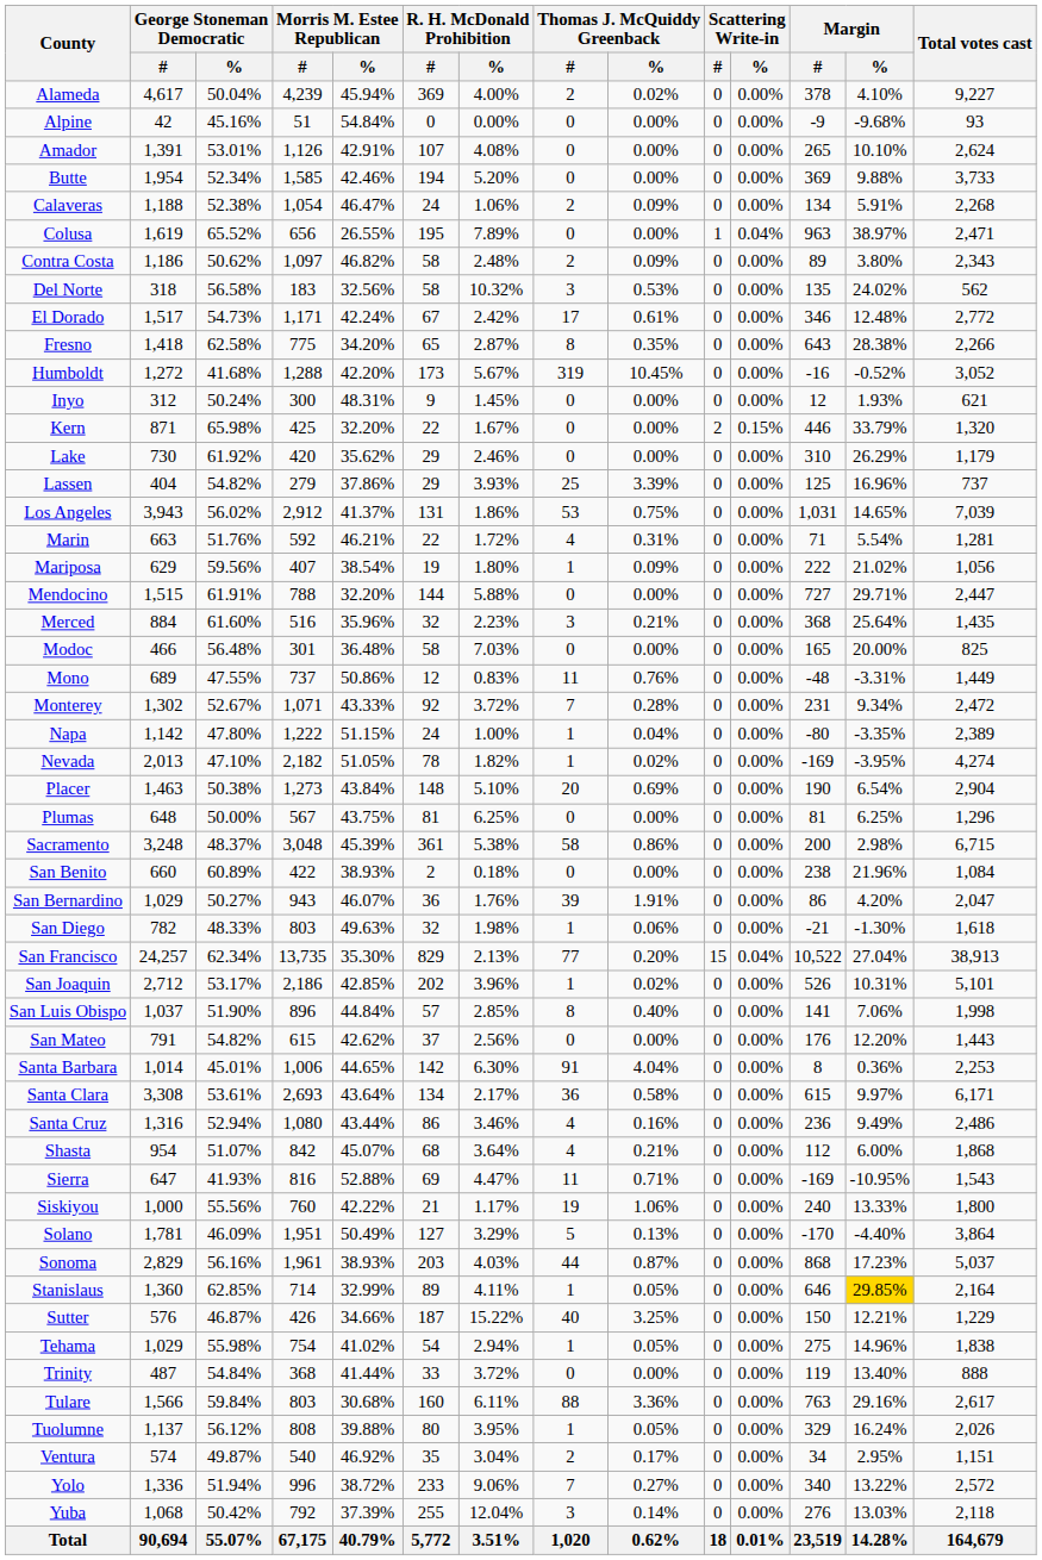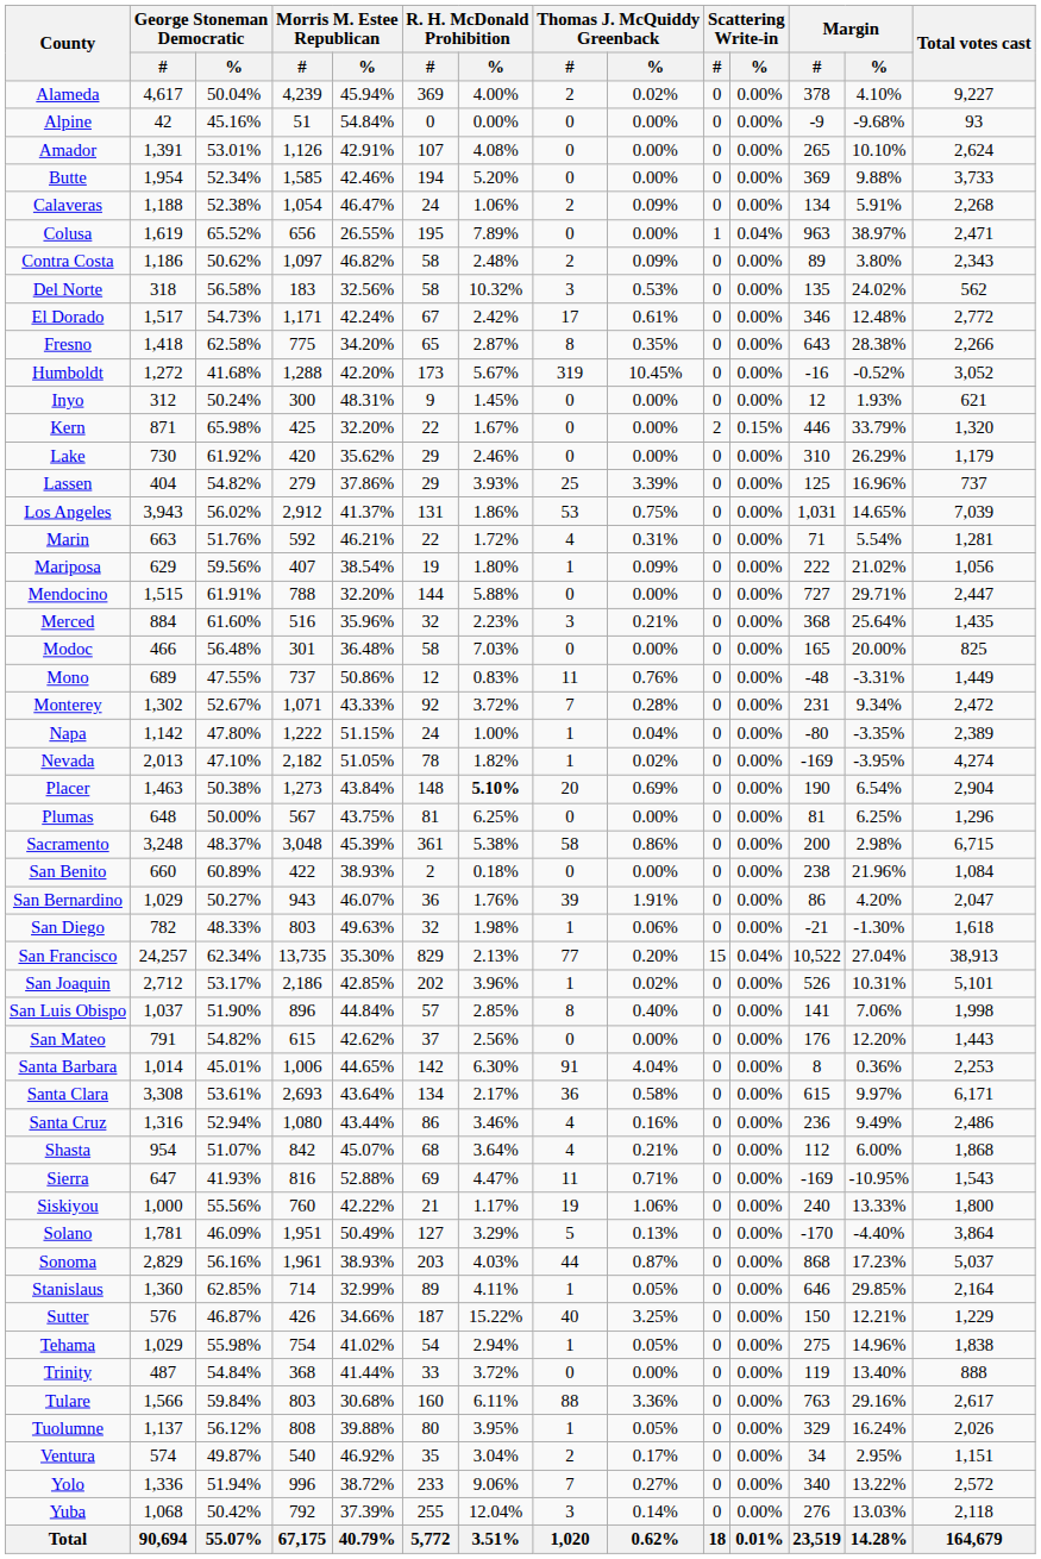 <table class="wikitable sortable" style="text-align:center">
 <tr>
 <th rowspan="2">County</th>
 <th style="text-align:center;" colspan="2">George Stoneman<br>Democratic</th>
 <th style="text-align:center;" colspan="2">Morris M. Estee<br>Republican</th>
 <th style="text-align:center;" colspan="2">R. H. McDonald<br>Prohibition</th>
 <th style="text-align:center;" colspan="2">Thomas J. McQuiddy<br>Greenback</th>
 <th style="text-align:center;" colspan="2">Scattering<br>Write-in</th>
 <th style="text-align:center;" colspan="2">Margin</th>
 <th style="text-align:center;" rowspan="2">Total votes cast</th>
 </tr>
 <tr>
 <th style="text-align:center;" data-sort-type="number">#</th>
 <th style="text-align:center;" data-sort-type="number">%</th>
 <th style="text-align:center;" data-sort-type="number">#</th>
 <th style="text-align:center;" data-sort-type="number">%</th>
 <th style="text-align:center;" data-sort-type="number">#</th>
 <th style="text-align:center;" data-sort-type="number">%</th>
 <th style="text-align:center;" data-sort-type="number">#</th>
 <th style="text-align:center;" data-sort-type="number">%</th>
 <th style="text-align:center;" data-sort-type="number">#</th>
 <th style="text-align:center;" data-sort-type="number">%</th>
 <th style="text-align:center;" data-sort-type="number">#</th>
 <th style="text-align:center;" data-sort-type="number">%</th>
 </tr>
 <tr style="text-align:center;">
 <td><a href='#'>Alameda</a></td>
 <td>4,617</td>
 <td>50.04%</td>
 <td>4,239</td>
 <td>45.94%</td>
 <td>369</td>
 <td>4.00%</td>
 <td>2</td>
 <td>0.02%</td>
 <td>0</td>
 <td>0.00%</td>
 <td>378</td>
 <td>4.10%</td>
 <td>9,227</td>
 </tr>
 <tr style="text-align:center;">
 <td><a href='#'>Alpine</a></td>
 <td>42</td>
 <td>45.16%</td>
 <td>51</td>
 <td>54.84%</td>
 <td>0</td>
 <td>0.00%</td>
 <td>0</td>
 <td>0.00%</td>
 <td>0</td>
 <td>0.00%</td>
 <td>-9</td>
 <td>-9.68%</td>
 <td>93</td>
 </tr>
 <tr style="text-align:center;">
 <td><a href='#'>Amador</a></td>
 <td>1,391</td>
 <td>53.01%</td>
 <td>1,126</td>
 <td>42.91%</td>
 <td>107</td>
 <td>4.08%</td>
 <td>0</td>
 <td>0.00%</td>
 <td>0</td>
 <td>0.00%</td>
 <td>265</td>
 <td>10.10%</td>
 <td>2,624</td>
 </tr>
 <tr style="text-align:center;">
 <td><a href='#'>Butte</a></td>
 <td>1,954</td>
 <td>52.34%</td>
 <td>1,585</td>
 <td>42.46%</td>
 <td>194</td>
 <td>5.20%</td>
 <td>0</td>
 <td>0.00%</td>
 <td>0</td>
 <td>0.00%</td>
 <td>369</td>
 <td>9.88%</td>
 <td>3,733</td>
 </tr>
 <tr style="text-align:center;">
 <td><a href='#'>Calaveras</a></td>
 <td>1,188</td>
 <td>52.38%</td>
 <td>1,054</td>
 <td>46.47%</td>
 <td>24</td>
 <td>1.06%</td>
 <td>2</td>
 <td>0.09%</td>
 <td>0</td>
 <td>0.00%</td>
 <td>134</td>
 <td>5.91%</td>
 <td>2,268</td>
 </tr>
 <tr style="text-align:center;">
 <td><a href='#'>Colusa</a></td>
 <td>1,619</td>
 <td>65.52%</td>
 <td>656</td>
 <td>26.55%</td>
 <td>195</td>
 <td>7.89%</td>
 <td>0</td>
 <td>0.00%</td>
 <td>1</td>
 <td>0.04%</td>
 <td>963</td>
 <td>38.97%</td>
 <td>2,471</td>
 </tr>
 <tr style="text-align:center;">
 <td><a href='#'>Contra Costa</a></td>
 <td>1,186</td>
 <td>50.62%</td>
 <td>1,097</td>
 <td>46.82%</td>
 <td>58</td>
 <td>2.48%</td>
 <td>2</td>
 <td>0.09%</td>
 <td>0</td>
 <td>0.00%</td>
 <td>89</td>
 <td>3.80%</td>
 <td>2,343</td>
 </tr>
 <tr style="text-align:center;">
 <td><a href='#'>Del Norte</a></td>
 <td>318</td>
 <td>56.58%</td>
 <td>183</td>
 <td>32.56%</td>
 <td>58</td>
 <td>10.32%</td>
 <td>3</td>
 <td>0.53%</td>
 <td>0</td>
 <td>0.00%</td>
 <td>135</td>
 <td>24.02%</td>
 <td>562</td>
 </tr>
 <tr style="text-align:center;">
 <td><a href='#'>El Dorado</a></td>
 <td>1,517</td>
 <td>54.73%</td>
 <td>1,171</td>
 <td>42.24%</td>
 <td>67</td>
 <td>2.42%</td>
 <td>17</td>
 <td>0.61%</td>
 <td>0</td>
 <td>0.00%</td>
 <td>346</td>
 <td>12.48%</td>
 <td>2,772</td>
 </tr>
 <tr style="text-align:center;">
 <td><a href='#'>Fresno</a></td>
 <td>1,418</td>
 <td>62.58%</td>
 <td>775</td>
 <td>34.20%</td>
 <td>65</td>
 <td>2.87%</td>
 <td>8</td>
 <td>0.35%</td>
 <td>0</td>
 <td>0.00%</td>
 <td>643</td>
 <td>28.38%</td>
 <td>2,266</td>
 </tr>
 <tr style="text-align:center;">
 <td><a href='#'>Humboldt</a></td>
 <td>1,272</td>
 <td>41.68%</td>
 <td>1,288</td>
 <td>42.20%</td>
 <td>173</td>
 <td>5.67%</td>
 <td>319</td>
 <td>10.45%</td>
 <td>0</td>
 <td>0.00%</td>
 <td>-16</td>
 <td>-0.52%</td>
 <td>3,052</td>
 </tr>
 <tr style="text-align:center;">
 <td><a href='#'>Inyo</a></td>
 <td>312</td>
 <td>50.24%</td>
 <td>300</td>
 <td>48.31%</td>
 <td>9</td>
 <td>1.45%</td>
 <td>0</td>
 <td>0.00%</td>
 <td>0</td>
 <td>0.00%</td>
 <td>12</td>
 <td>1.93%</td>
 <td>621</td>
 </tr>
 <tr style="text-align:center;">
 <td><a href='#'>Kern</a></td>
 <td>871</td>
 <td>65.98%</td>
 <td>425</td>
 <td>32.20%</td>
 <td>22</td>
 <td>1.67%</td>
 <td>0</td>
 <td>0.00%</td>
 <td>2</td>
 <td>0.15%</td>
 <td>446</td>
 <td>33.79%</td>
 <td>1,320</td>
 </tr>
 <tr style="text-align:center;">
 <td><a href='#'>Lake</a></td>
 <td>730</td>
 <td>61.92%</td>
 <td>420</td>
 <td>35.62%</td>
 <td>29</td>
 <td>2.46%</td>
 <td>0</td>
 <td>0.00%</td>
 <td>0</td>
 <td>0.00%</td>
 <td>310</td>
 <td>26.29%</td>
 <td>1,179</td>
 </tr>
 <tr style="text-align:center;">
 <td><a href='#'>Lassen</a></td>
 <td>404</td>
 <td>54.82%</td>
 <td>279</td>
 <td>37.86%</td>
 <td>29</td>
 <td>3.93%</td>
 <td>25</td>
 <td>3.39%</td>
 <td>0</td>
 <td>0.00%</td>
 <td>125</td>
 <td>16.96%</td>
 <td>737</td>
 </tr>
 <tr style="text-align:center;">
 <td><a href='#'>Los Angeles</a></td>
 <td>3,943</td>
 <td>56.02%</td>
 <td>2,912</td>
 <td>41.37%</td>
 <td>131</td>
 <td>1.86%</td>
 <td>53</td>
 <td>0.75%</td>
 <td>0</td>
 <td>0.00%</td>
 <td>1,031</td>
 <td>14.65%</td>
 <td>7,039</td>
 </tr>
 <tr style="text-align:center;">
 <td><a href='#'>Marin</a></td>
 <td>663</td>
 <td>51.76%</td>
 <td>592</td>
 <td>46.21%</td>
 <td>22</td>
 <td>1.72%</td>
 <td>4</td>
 <td>0.31%</td>
 <td>0</td>
 <td>0.00%</td>
 <td>71</td>
 <td>5.54%</td>
 <td>1,281</td>
 </tr>
 <tr style="text-align:center;">
 <td><a href='#'>Mariposa</a></td>
 <td>629</td>
 <td>59.56%</td>
 <td>407</td>
 <td>38.54%</td>
 <td>19</td>
 <td>1.80%</td>
 <td>1</td>
 <td>0.09%</td>
 <td>0</td>
 <td>0.00%</td>
 <td>222</td>
 <td>21.02%</td>
 <td>1,056</td>
 </tr>
 <tr style="text-align:center;">
 <td><a href='#'>Mendocino</a></td>
 <td>1,515</td>
 <td>61.91%</td>
 <td>788</td>
 <td>32.20%</td>
 <td>144</td>
 <td>5.88%</td>
 <td>0</td>
 <td>0.00%</td>
 <td>0</td>
 <td>0.00%</td>
 <td>727</td>
 <td>29.71%</td>
 <td>2,447</td>
 </tr>
 <tr style="text-align:center;">
 <td><a href='#'>Merced</a></td>
 <td>884</td>
 <td>61.60%</td>
 <td>516</td>
 <td>35.96%</td>
 <td>32</td>
 <td>2.23%</td>
 <td>3</td>
 <td>0.21%</td>
 <td>0</td>
 <td>0.00%</td>
 <td>368</td>
 <td>25.64%</td>
 <td>1,435</td>
 </tr>
 <tr style="text-align:center;">
 <td><a href='#'>Modoc</a></td>
 <td>466</td>
 <td>56.48%</td>
 <td>301</td>
 <td>36.48%</td>
 <td>58</td>
 <td>7.03%</td>
 <td>0</td>
 <td>0.00%</td>
 <td>0</td>
 <td>0.00%</td>
 <td>165</td>
 <td>20.00%</td>
 <td>825</td>
 </tr>
 <tr style="text-align:center;">
 <td><a href='#'>Mono</a></td>
 <td>689</td>
 <td>47.55%</td>
 <td>737</td>
 <td>50.86%</td>
 <td>12</td>
 <td>0.83%</td>
 <td>11</td>
 <td>0.76%</td>
 <td>0</td>
 <td>0.00%</td>
 <td>-48</td>
 <td>-3.31%</td>
 <td>1,449</td>
 </tr>
 <tr style="text-align:center;">
 <td><a href='#'>Monterey</a></td>
 <td>1,302</td>
 <td>52.67%</td>
 <td>1,071</td>
 <td>43.33%</td>
 <td>92</td>
 <td>3.72%</td>
 <td>7</td>
 <td>0.28%</td>
 <td>0</td>
 <td>0.00%</td>
 <td>231</td>
 <td>9.34%</td>
 <td>2,472</td>
 </tr>
 <tr style="text-align:center;">
 <td><a href='#'>Napa</a></td>
 <td>1,142</td>
 <td>47.80%</td>
 <td>1,222</td>
 <td>51.15%</td>
 <td>24</td>
 <td>1.00%</td>
 <td>1</td>
 <td>0.04%</td>
 <td>0</td>
 <td>0.00%</td>
 <td>-80</td>
 <td>-3.35%</td>
 <td>2,389</td>
 </tr>
 <tr style="text-align:center;">
 <td><a href='#'>Nevada</a></td>
 <td>2,013</td>
 <td>47.10%</td>
 <td>2,182</td>
 <td>51.05%</td>
 <td>78</td>
 <td>1.82%</td>
 <td>1</td>
 <td>0.02%</td>
 <td>0</td>
 <td>0.00%</td>
 <td>-169</td>
 <td>-3.95%</td>
 <td>4,274</td>
 </tr>
 <tr style="text-align:center;">
 <td><a href='#'>Placer</a></td>
 <td>1,463</td>
 <td>50.38%</td>
 <td>1,273</td>
 <td>43.84%</td>
 <td>148</td>
-<td>5.10%</td>
+<td><strong>5.10%</strong></td>
 <td>20</td>
 <td>0.69%</td>
 <td>0</td>
 <td>0.00%</td>
 <td>190</td>
 <td>6.54%</td>
 <td>2,904</td>
 </tr>
 <tr style="text-align:center;">
 <td><a href='#'>Plumas</a></td>
 <td>648</td>
 <td>50.00%</td>
 <td>567</td>
 <td>43.75%</td>
 <td>81</td>
 <td>6.25%</td>
 <td>0</td>
 <td>0.00%</td>
 <td>0</td>
 <td>0.00%</td>
 <td>81</td>
 <td>6.25%</td>
 <td>1,296</td>
 </tr>
 <tr style="text-align:center;">
 <td><a href='#'>Sacramento</a></td>
 <td>3,248</td>
 <td>48.37%</td>
 <td>3,048</td>
 <td>45.39%</td>
 <td>361</td>
 <td>5.38%</td>
 <td>58</td>
 <td>0.86%</td>
 <td>0</td>
 <td>0.00%</td>
 <td>200</td>
 <td>2.98%</td>
 <td>6,715</td>
 </tr>
 <tr style="text-align:center;">
 <td><a href='#'>San Benito</a></td>
 <td>660</td>
 <td>60.89%</td>
 <td>422</td>
 <td>38.93%</td>
 <td>2</td>
 <td>0.18%</td>
 <td>0</td>
 <td>0.00%</td>
 <td>0</td>
 <td>0.00%</td>
 <td>238</td>
 <td>21.96%</td>
 <td>1,084</td>
 </tr>
 <tr style="text-align:center;">
 <td><a href='#'>San Bernardino</a></td>
 <td>1,029</td>
 <td>50.27%</td>
 <td>943</td>
 <td>46.07%</td>
 <td>36</td>
 <td>1.76%</td>
 <td>39</td>
 <td>1.91%</td>
 <td>0</td>
 <td>0.00%</td>
 <td>86</td>
 <td>4.20%</td>
 <td>2,047</td>
 </tr>
 <tr style="text-align:center;">
 <td><a href='#'>San Diego</a></td>
 <td>782</td>
 <td>48.33%</td>
 <td>803</td>
 <td>49.63%</td>
 <td>32</td>
 <td>1.98%</td>
 <td>1</td>
 <td>0.06%</td>
 <td>0</td>
 <td>0.00%</td>
 <td>-21</td>
 <td>-1.30%</td>
 <td>1,618</td>
 </tr>
 <tr style="text-align:center;">
 <td><a href='#'>San Francisco</a></td>
 <td>24,257</td>
 <td>62.34%</td>
 <td>13,735</td>
 <td>35.30%</td>
 <td>829</td>
 <td>2.13%</td>
 <td>77</td>
 <td>0.20%</td>
 <td>15</td>
 <td>0.04%</td>
 <td>10,522</td>
 <td>27.04%</td>
 <td>38,913</td>
 </tr>
 <tr style="text-align:center;">
 <td><a href='#'>San Joaquin</a></td>
 <td>2,712</td>
 <td>53.17%</td>
 <td>2,186</td>
 <td>42.85%</td>
 <td>202</td>
 <td>3.96%</td>
 <td>1</td>
 <td>0.02%</td>
 <td>0</td>
 <td>0.00%</td>
 <td>526</td>
 <td>10.31%</td>
 <td>5,101</td>
 </tr>
 <tr style="text-align:center;">
 <td><a href='#'>San Luis Obispo</a></td>
 <td>1,037</td>
 <td>51.90%</td>
 <td>896</td>
 <td>44.84%</td>
 <td>57</td>
 <td>2.85%</td>
 <td>8</td>
 <td>0.40%</td>
 <td>0</td>
 <td>0.00%</td>
 <td>141</td>
 <td>7.06%</td>
 <td>1,998</td>
 </tr>
 <tr style="text-align:center;">
 <td><a href='#'>San Mateo</a></td>
 <td>791</td>
 <td>54.82%</td>
 <td>615</td>
 <td>42.62%</td>
 <td>37</td>
 <td>2.56%</td>
 <td>0</td>
 <td>0.00%</td>
 <td>0</td>
 <td>0.00%</td>
 <td>176</td>
 <td>12.20%</td>
 <td>1,443</td>
 </tr>
 <tr style="text-align:center;">
 <td><a href='#'>Santa Barbara</a></td>
 <td>1,014</td>
 <td>45.01%</td>
 <td>1,006</td>
 <td>44.65%</td>
 <td>142</td>
 <td>6.30%</td>
 <td>91</td>
 <td>4.04%</td>
 <td>0</td>
 <td>0.00%</td>
 <td>8</td>
 <td>0.36%</td>
 <td>2,253</td>
 </tr>
 <tr style="text-align:center;">
 <td><a href='#'>Santa Clara</a></td>
 <td>3,308</td>
 <td>53.61%</td>
 <td>2,693</td>
 <td>43.64%</td>
 <td>134</td>
 <td>2.17%</td>
 <td>36</td>
 <td>0.58%</td>
 <td>0</td>
 <td>0.00%</td>
 <td>615</td>
 <td>9.97%</td>
 <td>6,171</td>
 </tr>
 <tr style="text-align:center;">
 <td><a href='#'>Santa Cruz</a></td>
 <td>1,316</td>
 <td>52.94%</td>
 <td>1,080</td>
 <td>43.44%</td>
 <td>86</td>
 <td>3.46%</td>
 <td>4</td>
 <td>0.16%</td>
 <td>0</td>
 <td>0.00%</td>
 <td>236</td>
 <td>9.49%</td>
 <td>2,486</td>
 </tr>
 <tr style="text-align:center;">
 <td><a href='#'>Shasta</a></td>
 <td>954</td>
 <td>51.07%</td>
 <td>842</td>
 <td>45.07%</td>
 <td>68</td>
 <td>3.64%</td>
 <td>4</td>
 <td>0.21%</td>
 <td>0</td>
 <td>0.00%</td>
 <td>112</td>
 <td>6.00%</td>
 <td>1,868</td>
 </tr>
 <tr style="text-align:center;">
 <td><a href='#'>Sierra</a></td>
 <td>647</td>
 <td>41.93%</td>
 <td>816</td>
 <td>52.88%</td>
 <td>69</td>
 <td>4.47%</td>
 <td>11</td>
 <td>0.71%</td>
 <td>0</td>
 <td>0.00%</td>
 <td>-169</td>
 <td>-10.95%</td>
 <td>1,543</td>
 </tr>
 <tr style="text-align:center;">
 <td><a href='#'>Siskiyou</a></td>
 <td>1,000</td>
 <td>55.56%</td>
 <td>760</td>
 <td>42.22%</td>
 <td>21</td>
 <td>1.17%</td>
 <td>19</td>
 <td>1.06%</td>
 <td>0</td>
 <td>0.00%</td>
 <td>240</td>
 <td>13.33%</td>
 <td>1,800</td>
 </tr>
 <tr style="text-align:center;">
 <td><a href='#'>Solano</a></td>
 <td>1,781</td>
 <td>46.09%</td>
 <td>1,951</td>
 <td>50.49%</td>
 <td>127</td>
 <td>3.29%</td>
 <td>5</td>
 <td>0.13%</td>
 <td>0</td>
 <td>0.00%</td>
 <td>-170</td>
 <td>-4.40%</td>
 <td>3,864</td>
 </tr>
 <tr style="text-align:center;">
 <td><a href='#'>Sonoma</a></td>
 <td>2,829</td>
 <td>56.16%</td>
 <td>1,961</td>
 <td>38.93%</td>
 <td>203</td>
 <td>4.03%</td>
 <td>44</td>
 <td>0.87%</td>
 <td>0</td>
 <td>0.00%</td>
 <td>868</td>
 <td>17.23%</td>
 <td>5,037</td>
 </tr>
 <tr style="text-align:center;">
 <td><a href='#'>Stanislaus</a></td>
 <td>1,360</td>
 <td>62.85%</td>
 <td>714</td>
 <td>32.99%</td>
 <td>89</td>
 <td>4.11%</td>
 <td>1</td>
 <td>0.05%</td>
 <td>0</td>
 <td>0.00%</td>
 <td>646</td>
-<td style="background: gold;">29.85%</td>
+<td>29.85%</td>
 <td>2,164</td>
 </tr>
 <tr style="text-align:center;">
 <td><a href='#'>Sutter</a></td>
 <td>576</td>
 <td>46.87%</td>
 <td>426</td>
 <td>34.66%</td>
 <td>187</td>
 <td>15.22%</td>
 <td>40</td>
 <td>3.25%</td>
 <td>0</td>
 <td>0.00%</td>
 <td>150</td>
 <td>12.21%</td>
 <td>1,229</td>
 </tr>
 <tr style="text-align:center;">
 <td><a href='#'>Tehama</a></td>
 <td>1,029</td>
 <td>55.98%</td>
 <td>754</td>
 <td>41.02%</td>
 <td>54</td>
 <td>2.94%</td>
 <td>1</td>
 <td>0.05%</td>
 <td>0</td>
 <td>0.00%</td>
 <td>275</td>
 <td>14.96%</td>
 <td>1,838</td>
 </tr>
 <tr style="text-align:center;">
 <td><a href='#'>Trinity</a></td>
 <td>487</td>
 <td>54.84%</td>
 <td>368</td>
 <td>41.44%</td>
 <td>33</td>
 <td>3.72%</td>
 <td>0</td>
 <td>0.00%</td>
 <td>0</td>
 <td>0.00%</td>
 <td>119</td>
 <td>13.40%</td>
 <td>888</td>
 </tr>
 <tr style="text-align:center;">
 <td><a href='#'>Tulare</a></td>
 <td>1,566</td>
 <td>59.84%</td>
 <td>803</td>
 <td>30.68%</td>
 <td>160</td>
 <td>6.11%</td>
 <td>88</td>
 <td>3.36%</td>
 <td>0</td>
 <td>0.00%</td>
 <td>763</td>
 <td>29.16%</td>
 <td>2,617</td>
 </tr>
 <tr style="text-align:center;">
 <td><a href='#'>Tuolumne</a></td>
 <td>1,137</td>
 <td>56.12%</td>
 <td>808</td>
 <td>39.88%</td>
 <td>80</td>
 <td>3.95%</td>
 <td>1</td>
 <td>0.05%</td>
 <td>0</td>
 <td>0.00%</td>
 <td>329</td>
 <td>16.24%</td>
 <td>2,026</td>
 </tr>
 <tr style="text-align:center;">
 <td><a href='#'>Ventura</a></td>
 <td>574</td>
 <td>49.87%</td>
 <td>540</td>
 <td>46.92%</td>
 <td>35</td>
 <td>3.04%</td>
 <td>2</td>
 <td>0.17%</td>
 <td>0</td>
 <td>0.00%</td>
 <td>34</td>
 <td>2.95%</td>
 <td>1,151</td>
 </tr>
 <tr style="text-align:center;">
 <td><a href='#'>Yolo</a></td>
 <td>1,336</td>
 <td>51.94%</td>
 <td>996</td>
 <td>38.72%</td>
 <td>233</td>
 <td>9.06%</td>
 <td>7</td>
 <td>0.27%</td>
 <td>0</td>
 <td>0.00%</td>
 <td>340</td>
 <td>13.22%</td>
 <td>2,572</td>
 </tr>
 <tr style="text-align:center;">
 <td><a href='#'>Yuba</a></td>
 <td>1,068</td>
 <td>50.42%</td>
 <td>792</td>
 <td>37.39%</td>
 <td>255</td>
 <td>12.04%</td>
 <td>3</td>
 <td>0.14%</td>
 <td>0</td>
 <td>0.00%</td>
 <td>276</td>
 <td>13.03%</td>
 <td>2,118</td>
 </tr>
 <tr style="text-align:center;">
 <th>Total</th>
 <th>90,694</th>
 <th>55.07%</th>
 <th>67,175</th>
 <th>40.79%</th>
 <th>5,772</th>
 <th>3.51%</th>
 <th>1,020</th>
 <th>0.62%</th>
 <th>18</th>
 <th>0.01%</th>
 <th>23,519</th>
 <th>14.28%</th>
 <th>164,679</th>
 </tr>
 </table>
